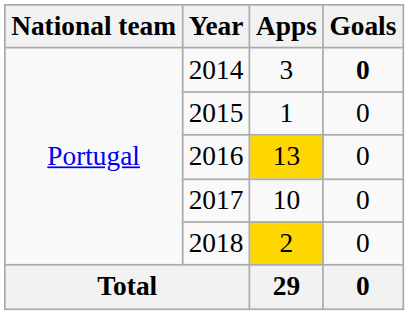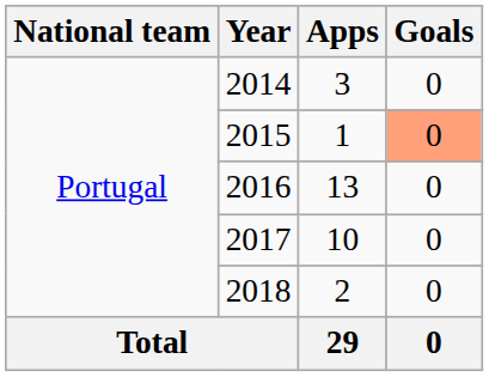 <table class=wikitable style="text-align: center;">
 <tr>
 <th>National team</th>
 <th>Year</th>
 <th>Apps</th>
 <th>Goals</th>
 </tr>
 <tr>
 <td rowspan=5><a href='#'>Portugal</a></td>
 <td>2014</td>
 <td>3</td>
-<td><strong>0</strong></td>
+<td>0</td>
 </tr>
 <tr>
 <td>2015</td>
 <td>1</td>
-<td>0</td>
+<td style="background: lightsalmon;">0</td>
 </tr>
 <tr>
 <td>2016</td>
-<td style="background: gold;">13</td>
+<td>13</td>
 <td>0</td>
 </tr>
 <tr>
 <td>2017</td>
 <td>10</td>
 <td>0</td>
 </tr>
 <tr>
 <td>2018</td>
-<td style="background: gold;">2</td>
+<td>2</td>
 <td>0</td>
 </tr>
 <tr>
 <th colspan=2>Total</th>
 <th>29</th>
 <th>0</th>
 </tr>
 </table>
